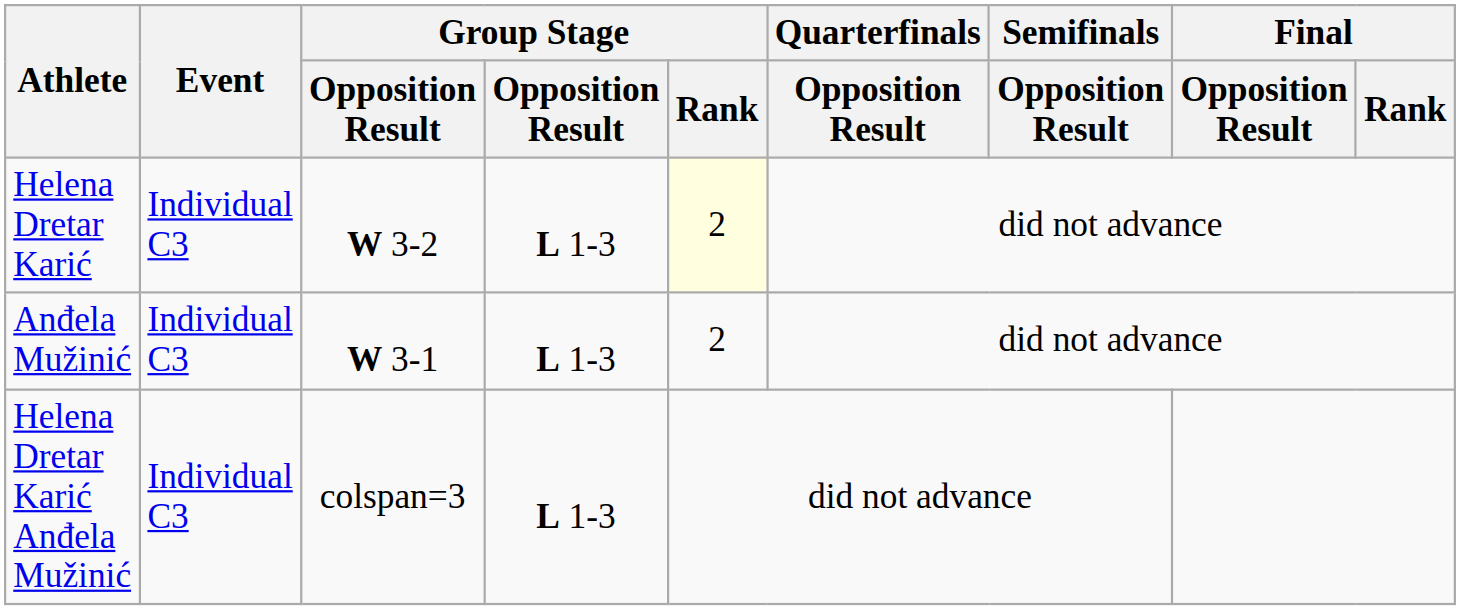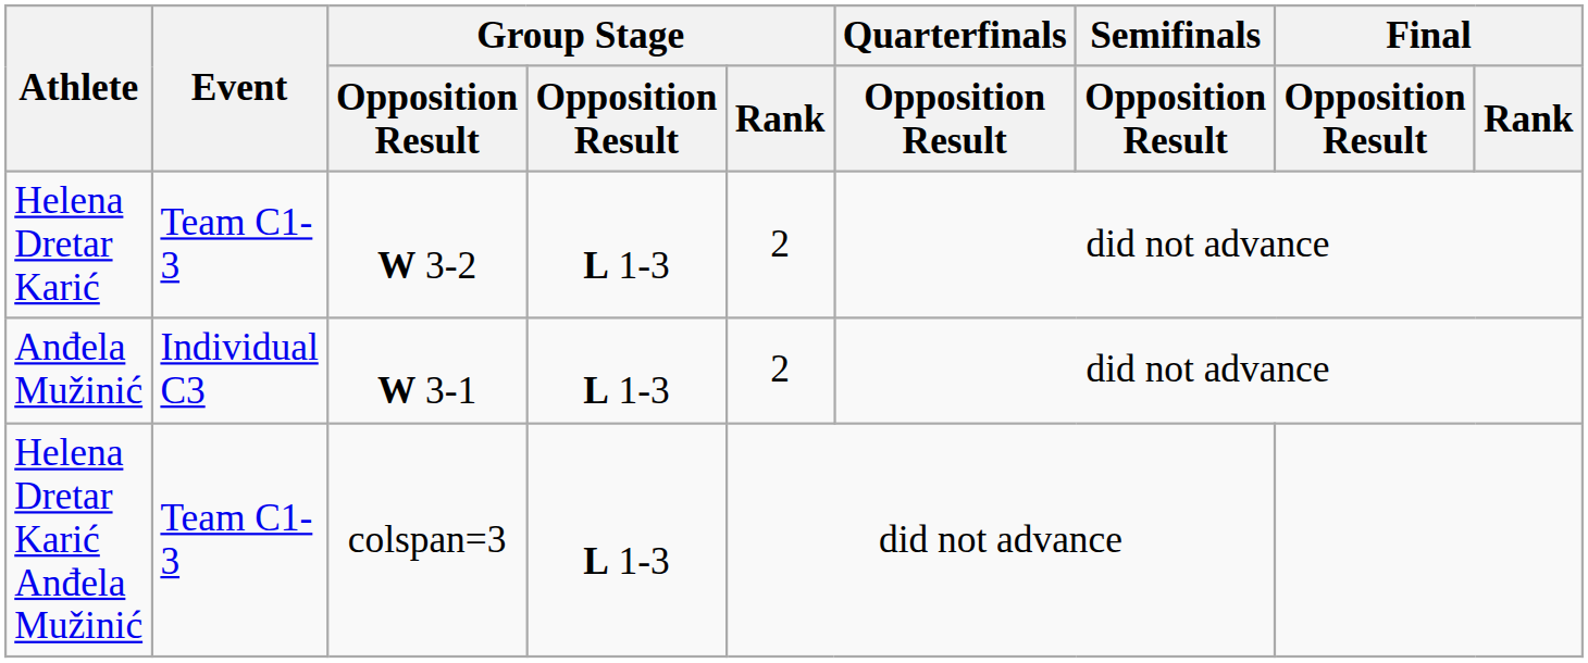 <table class=wikitable>
 <tr>
 <th rowspan="2">Athlete</th>
 <th rowspan="2">Event</th>
 <th colspan="3">Group Stage</th>
 <th>Quarterfinals</th>
 <th>Semifinals</th>
 <th colspan="2">Final</th>
 </tr>
 <tr>
 <th>Opposition<br>Result</th>
 <th>Opposition<br>Result</th>
 <th>Rank</th>
 <th>Opposition<br>Result</th>
 <th>Opposition<br>Result</th>
 <th>Opposition<br>Result</th>
 <th>Rank</th>
 </tr>
 <tr align=center>
 <td align=left><a href='#'>Helena Dretar Karić</a></td>
-<td align=left><a href='#'>Individual C3</a></td>
+<td align=left><a href='#'>Team C1-3</a></td>
 <td><br> <strong>W</strong> 3-2</td>
 <td><br> <strong>L</strong> 1-3</td>
-<td style="background: lightyellow;">2</td>
+<td>2</td>
 <td colspan=4>did not advance</td>
 </tr>
 <tr align=center>
 <td align=left><a href='#'>Anđela Mužinić</a></td>
 <td align=left><a href='#'>Individual C3</a></td>
 <td><br> <strong>W</strong> 3-1</td>
 <td><br> <strong>L</strong> 1-3</td>
 <td>2</td>
 <td colspan=4>did not advance</td>
 </tr>
 <tr align=center>
 <td align=left><a href='#'>Helena Dretar Karić</a><br><a href='#'>Anđela Mužinić</a></td>
-<td align=left><a href='#'>Individual C3</a></td>
+<td align=left><a href='#'>Team C1-3</a></td>
 <td>colspan=3 </td>
 <td><br> <strong>L</strong> 1-3</td>
 <td colspan=3>did not advance</td>
 </tr>
 </table>
